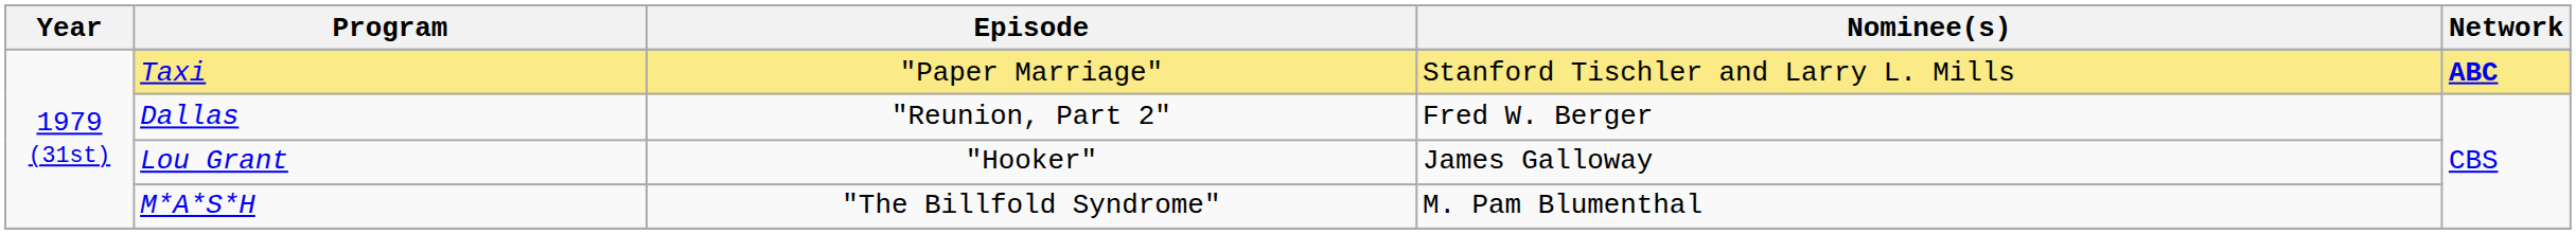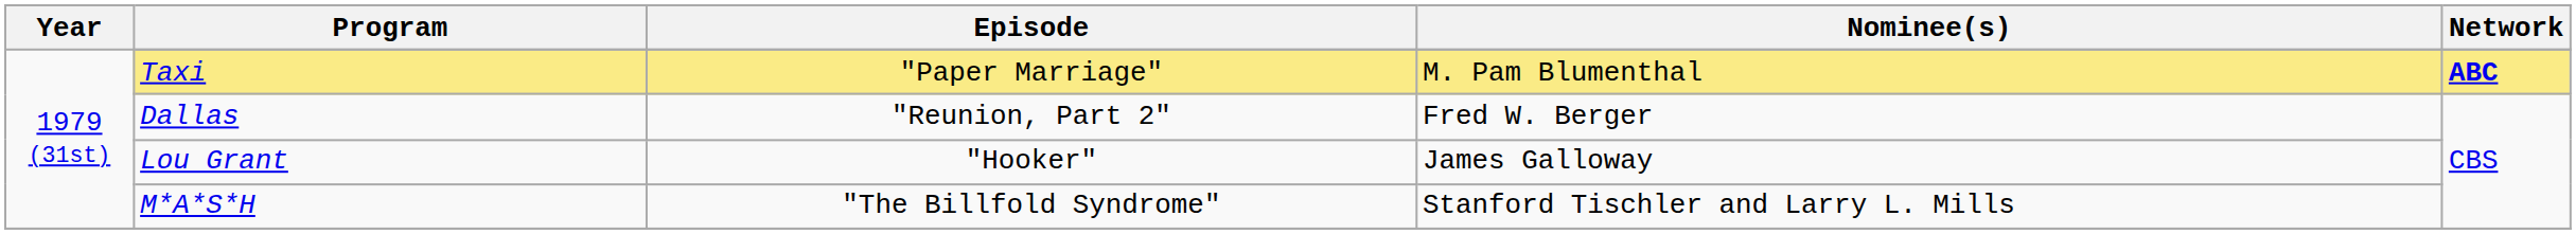 <table class="wikitable">
 <tr>
 <th width="5%">Year</th>
 <th width="20%">Program</th>
 <th width="30%">Episode</th>
 <th width="40%">Nominee(s)</th>
 <th width="5%">Network</th>
 </tr>
 <tr>
 <td rowspan=5 style="text-align:center;"><a href='#'>1979</a><br><small><a href='#'>(31st)</a></small><br></td>
 </tr>
 <tr style="background:#FAEB86;">
 <td><em><a href='#'>Taxi</a></em></td>
 <td align=center>"Paper Marriage"</td>
-<td>Stanford Tischler and Larry L. Mills</td>
+<td>M. Pam Blumenthal</td>
 <td><strong><a href='#'>ABC</a></strong></td>
 </tr>
 <tr>
 <td><em><a href='#'>Dallas</a></em></td>
 <td align=center>"Reunion, Part 2"</td>
 <td>Fred W. Berger</td>
 <td rowspan=3><a href='#'>CBS</a></td>
 </tr>
 <tr>
 <td><em><a href='#'>Lou Grant</a></em></td>
 <td align=center>"Hooker"</td>
 <td>James Galloway</td>
 </tr>
 <tr>
 <td><em><a href='#'>M*A*S*H</a></em></td>
 <td align=center>"The Billfold Syndrome"</td>
-<td>M. Pam Blumenthal</td>
+<td>Stanford Tischler and Larry L. Mills</td>
 </tr>
 <tr>
 </tr>
 </table>
